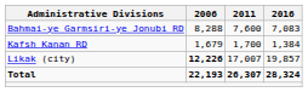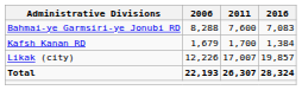 <table class="wikitable">
 <tr>
 <th>Administrative Divisions</th>
 <th>2006</th>
 <th>2011</th>
 <th>2016</th>
 </tr>
 <tr>
 <td><a href='#'>Bahmai-ye Garmsiri-ye Jonubi RD</a></td>
 <td style="text-align: right;">8,288</td>
 <td style="text-align: right;">7,600</td>
 <td style="text-align: right;">7,083</td>
 </tr>
 <tr>
 <td><a href='#'>Kafsh Kanan RD</a></td>
 <td style="text-align: right;">1,679</td>
 <td style="text-align: right;">1,700</td>
 <td style="text-align: right;">1,384</td>
 </tr>
 <tr>
 <td><a href='#'>Likak</a> (city)</td>
-<td style="text-align: right;"><strong>12,226</strong></td>
+<td style="text-align: right;">12,226</td>
 <td style="text-align: right;">17,007</td>
 <td style="text-align: right;">19,857</td>
 </tr>
 <tr>
 <td><strong>Total</strong></td>
 <td style="text-align: right;"><strong>22,193</strong></td>
 <td style="text-align: right;"><strong>26,307</strong></td>
 <td style="text-align: right;"><strong>28,324</strong></td>
 </tr>
 <tr>
 <td colspan=4></td>
 </tr>
 </table>
